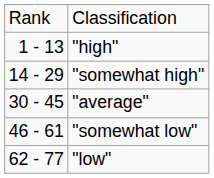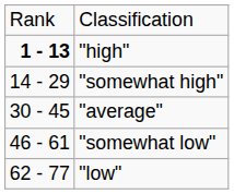 <table class="wikitable" ---valign="top">
 <tr>
 <td>Rank</td>
 <td>Classification</td>
 </tr>
 <tr>
-<td>  1 - 13</td>
+<td><strong>  1 - 13</strong></td>
 <td>"high"</td>
 </tr>
 <tr>
 <td>14 - 29</td>
 <td>"somewhat high"</td>
 </tr>
 <tr>
 <td>30 - 45</td>
 <td>"average"</td>
 </tr>
 <tr>
 <td>46 - 61</td>
 <td>"somewhat low"</td>
 </tr>
 <tr>
 <td>62 - 77</td>
 <td>"low"</td>
 </tr>
 </table>
